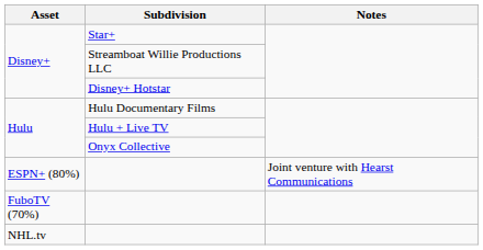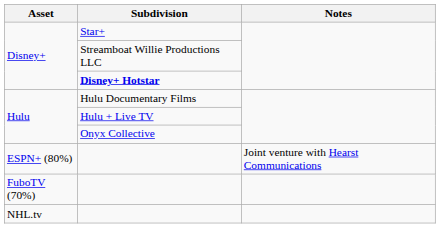 <table class="wikitable">
 <tr>
 <th>Asset</th>
 <th>Subdivision</th>
 <th>Notes</th>
 </tr>
 <tr>
 <td rowspan=3><a href='#'>Disney+</a></td>
 <td><a href='#'>Star+</a></td>
 <td rowspan=3></td>
 </tr>
 <tr>
 <td>Streamboat Willie Productions LLC</td>
 </tr>
 <tr>
-<td><a href='#'>Disney+ Hotstar</a></td>
+<td><strong><a href='#'>Disney+ Hotstar</a></strong></td>
 </tr>
 <tr>
 <td rowspan=3><a href='#'>Hulu</a></td>
 <td>Hulu Documentary Films</td>
 <td rowspan=3></td>
 </tr>
 <tr>
 <td><a href='#'>Hulu + Live TV</a></td>
 </tr>
 <tr>
 <td><a href='#'>Onyx Collective</a></td>
 </tr>
 <tr>
 <td><a href='#'>ESPN+</a> (80%)</td>
 <td></td>
 <td>Joint venture with <a href='#'>Hearst Communications</a></td>
 </tr>
 <tr>
 <td><a href='#'>FuboTV</a> (70%)</td>
 <td></td>
 <td></td>
 </tr>
 <tr>
 <td>NHL.tv</td>
 <td></td>
 <td></td>
 </tr>
 </table>
